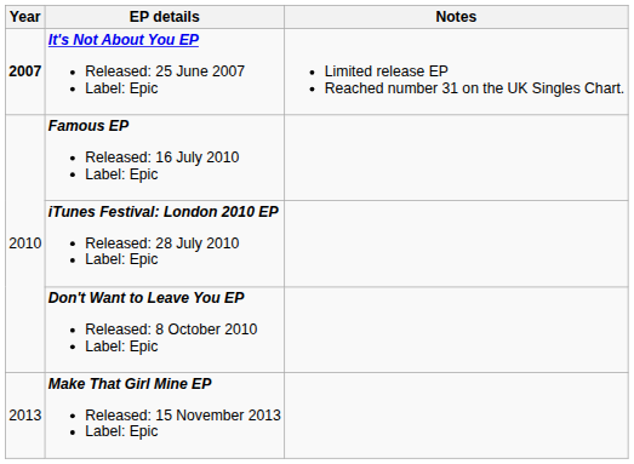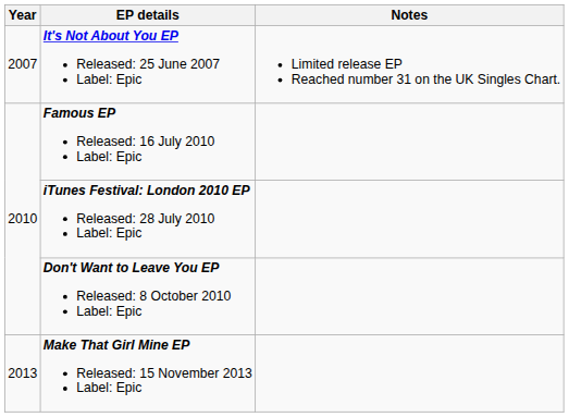 <table class="wikitable">
 <tr>
 <th>Year</th>
 <th>EP details</th>
 <th>Notes</th>
 </tr>
 <tr>
-<td><strong>2007</strong></td>
+<td>2007</td>
 <td align="left"><strong><em><a href='#'>It's Not About You EP</a></em></strong><br><ul><li>Released: 25 June 2007</li><li>Label: Epic</li></ul></td>
 <td><br><ul><li>Limited release EP</li><li>Reached number 31 on the UK Singles Chart.</li></ul></td>
 </tr>
 <tr>
 <td rowspan="3">2010</td>
 <td><strong><em>Famous EP</em></strong><br><ul><li>Released: 16 July 2010</li><li>Label: Epic</li></ul></td>
 <td></td>
 </tr>
 <tr>
 <td><strong><em>iTunes Festival: London 2010 EP</em></strong><br><ul><li>Released: 28 July 2010</li><li>Label: Epic</li></ul></td>
 <td></td>
 </tr>
 <tr>
 <td><strong><em>Don't Want to Leave You EP</em></strong><br><ul><li>Released: 8 October 2010</li><li>Label: Epic</li></ul></td>
 <td></td>
 </tr>
 <tr>
 <td>2013</td>
 <td><strong><em>Make That Girl Mine EP</em></strong><br><ul><li>Released: 15 November 2013</li><li>Label: Epic</li></ul></td>
 <td></td>
 </tr>
 </table>
